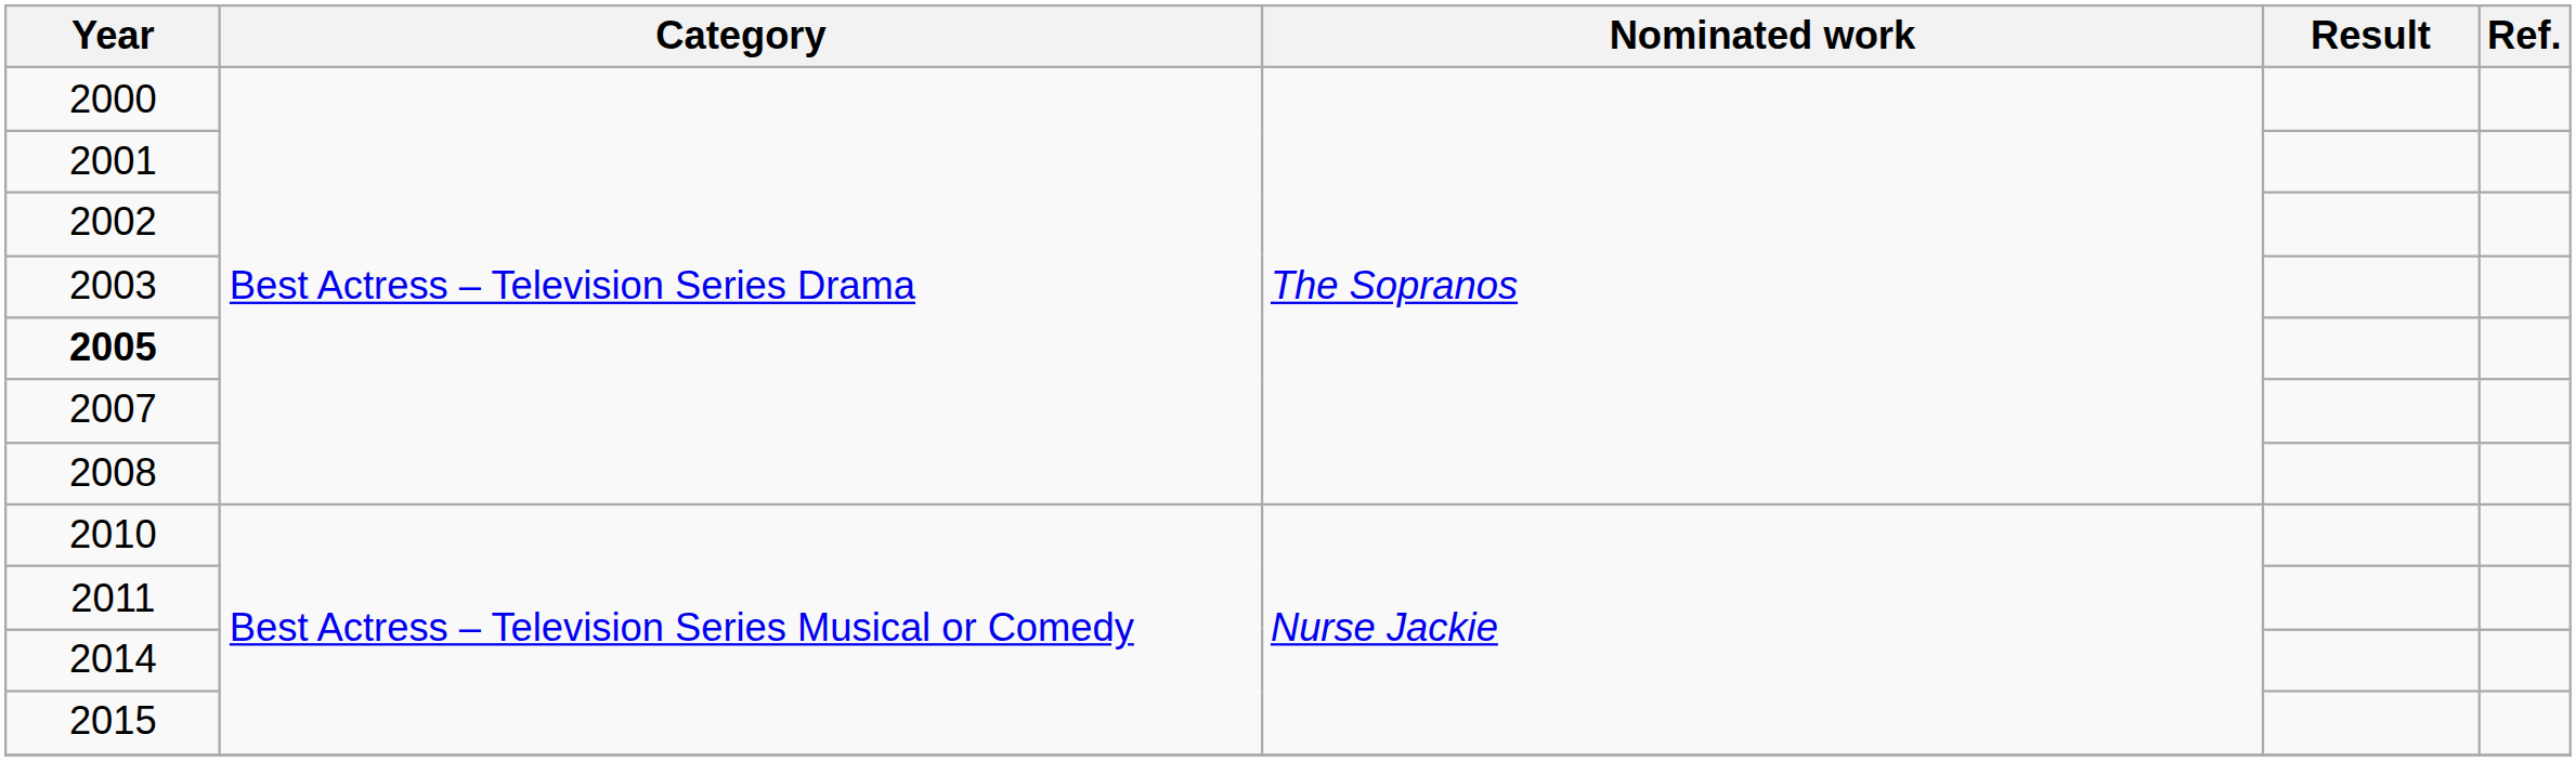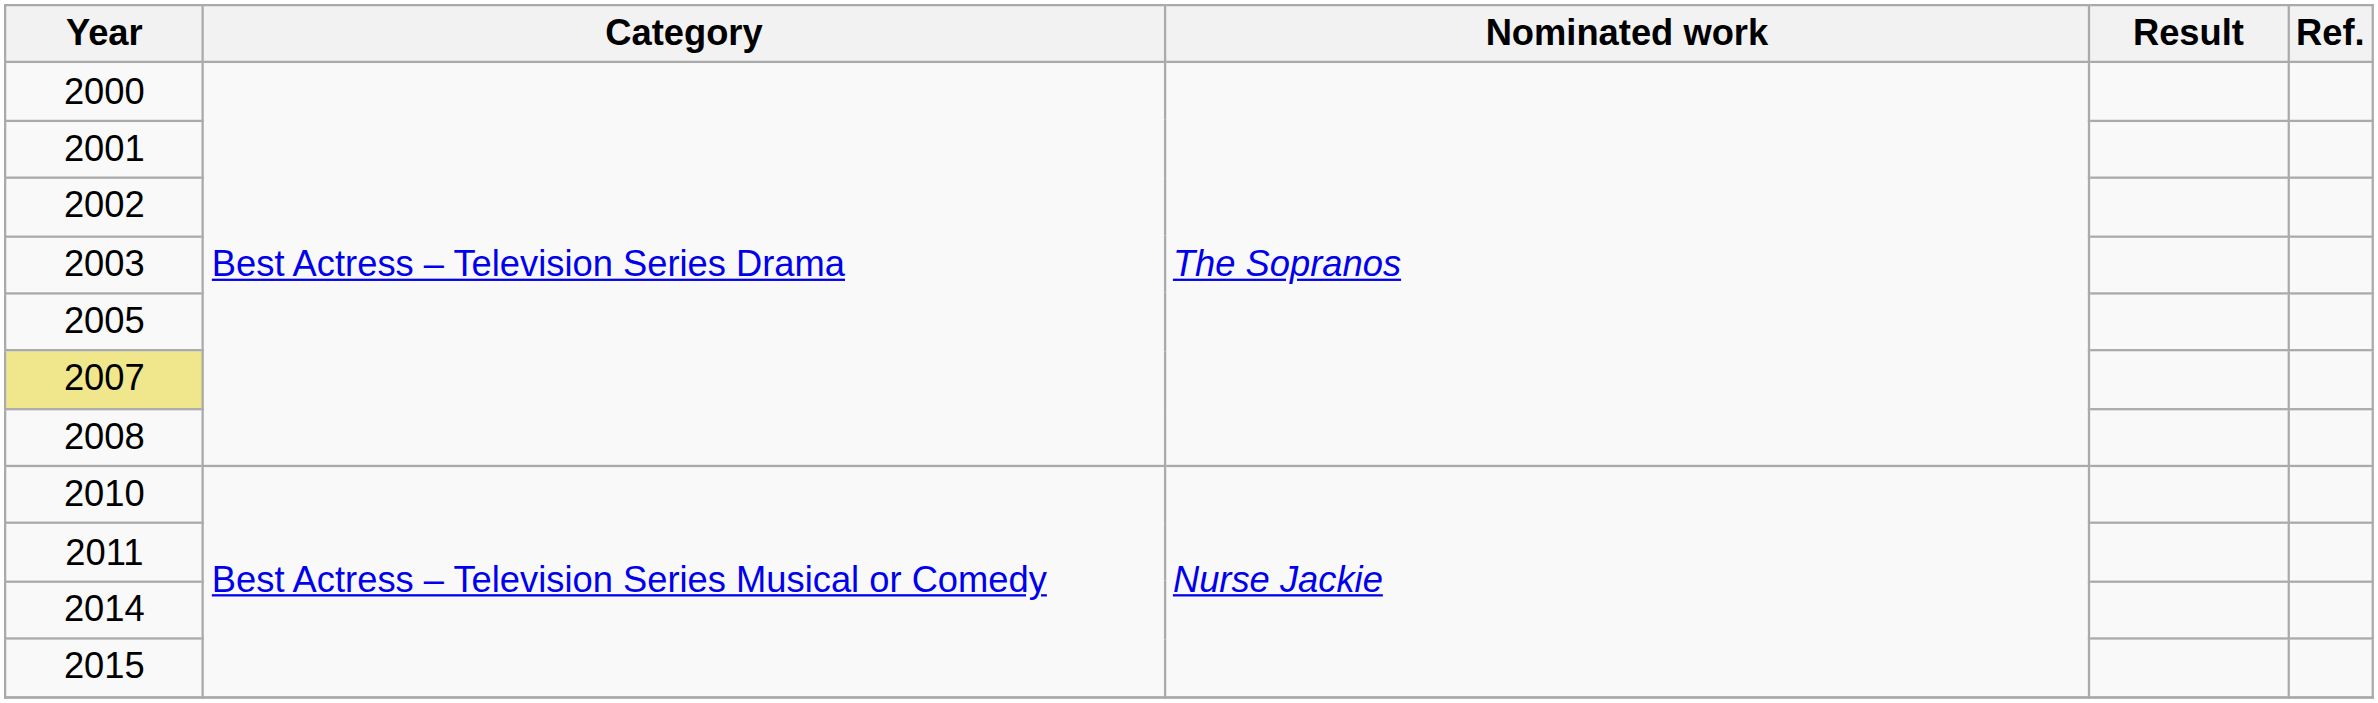 <table class=wikitable>
 <tr>
 <th scope="col" style="width:5em;">Year</th>
 <th scope="col" style="width:26em;">Category</th>
 <th scope="col" style="width:25em;">Nominated work</th>
 <th scope="col" style="width:5em;">Result</th>
 <th>Ref.</th>
 </tr>
 <tr>
 <td style="text-align:center;">2000</td>
 <td rowspan=7><a href='#'>Best Actress – Television Series Drama</a></td>
 <td rowspan=7><em><a href='#'>The Sopranos</a></em></td>
 <td></td>
 <td></td>
 </tr>
 <tr>
 <td style="text-align:center;">2001</td>
 <td></td>
 <td></td>
 </tr>
 <tr>
 <td style="text-align:center;">2002</td>
 <td></td>
 <td></td>
 </tr>
 <tr>
 <td style="text-align:center;">2003</td>
 <td></td>
 <td></td>
 </tr>
 <tr>
-<td style="text-align:center;"><strong>2005</strong></td>
+<td style="text-align:center;">2005</td>
 <td></td>
 <td></td>
 </tr>
 <tr>
-<td style="text-align:center;">2007</td>
+<td style="background: khaki; text-align:center;">2007</td>
 <td></td>
 <td></td>
 </tr>
 <tr>
 <td style="text-align:center;">2008</td>
 <td></td>
 <td></td>
 </tr>
 <tr>
 <td style="text-align:center;">2010</td>
 <td rowspan=4><a href='#'>Best Actress – Television Series Musical or Comedy</a></td>
 <td rowspan=4><em><a href='#'>Nurse Jackie</a></em></td>
 <td></td>
 <td></td>
 </tr>
 <tr>
 <td style="text-align:center;">2011</td>
 <td></td>
 <td></td>
 </tr>
 <tr>
 <td style="text-align:center;">2014</td>
 <td></td>
 <td></td>
 </tr>
 <tr>
 <td style="text-align:center;">2015</td>
 <td></td>
 <td></td>
 </tr>
 <tr>
 </tr>
 </table>
